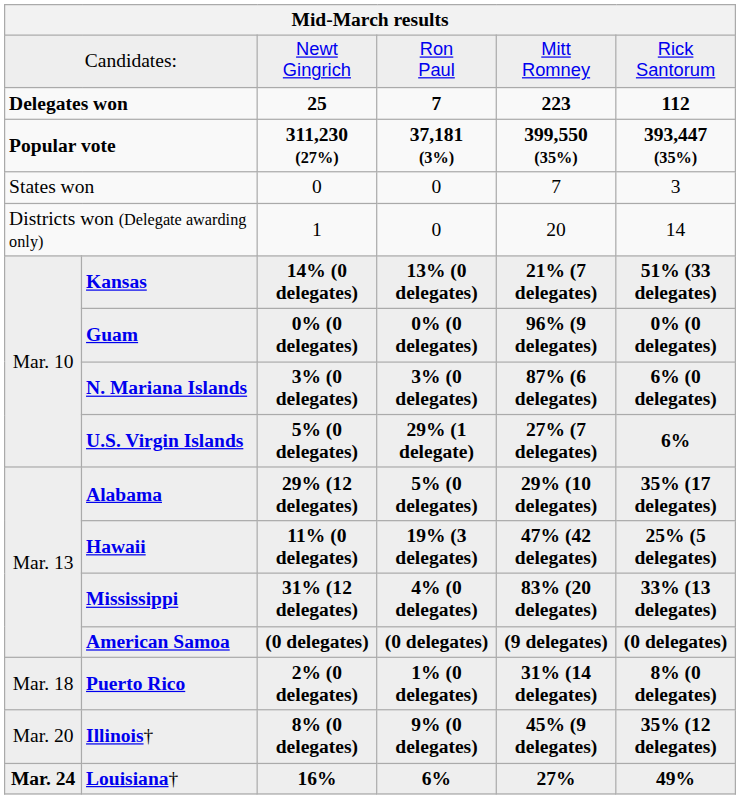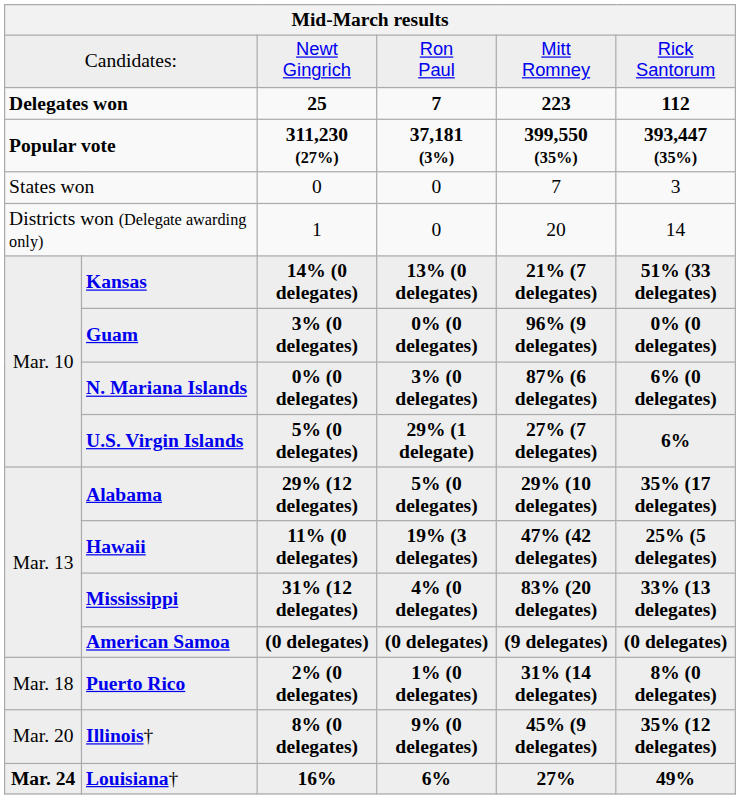 <table class="wikitable" style="text-align:center; width:600px">
 <tr style="text-align:center; background:#e9e9e9;">
 <th colspan="6"><strong>Mid-March results</strong></th>
 </tr>
 <tr style="background:#eee;">
 <td style="width:212px;" colspan="2">Candidates:</td>
 <td style="width:97px; padding:2px 0 6px; font:15px georgia,arial;"><a href='#'>Newt<br>Gingrich</a></td>
 <td style="width:97px; padding:2px 0 6px; font:15px georgia,arial;"><a href='#'>Ron<br>Paul</a></td>
 <td style="width:97px; padding:2px 0 6px; font:15px georgia,arial;"><a href='#'>Mitt<br>Romney</a></td>
 <td style="width:97px; padding:2px 0 6px; font:15px georgia,arial;"><a href='#'>Rick<br>Santorum</a></td>
 </tr>
 <tr>
 <td style="text-align:left;" colspan="2"><strong>Delegates won</strong></td>
 <td><strong>25</strong></td>
 <td><strong>7</strong></td>
 <td><strong>223</strong></td>
 <td><strong>112</strong></td>
 </tr>
 <tr>
 <td style="text-align:left;" colspan="2"><strong>Popular vote</strong></td>
 <td><strong>311,230<br><small>(27%)</small></strong></td>
 <td><strong>37,181<br><small>(3%)</small></strong></td>
 <td><strong>399,550<br><small>(35%)</small></strong></td>
 <td><strong>393,447<br><small>(35%)</small></strong></td>
 </tr>
 <tr>
 <td style="text-align:left;" colspan="2">States won</td>
 <td>0</td>
 <td>0</td>
 <td>7</td>
 <td>3</td>
 </tr>
 <tr>
 <td style="text-align:left;" colspan="2">Districts won <small>(Delegate awarding only)</small></td>
 <td>1</td>
 <td>0</td>
 <td>20</td>
 <td>14</td>
 </tr>
 <tr bgcolor="#eeeeee">
 <td rowspan="4">Mar. 10</td>
 <td style="text-align:left;"><strong><a href='#'>Kansas</a></strong></td>
 <td> <strong>14%</strong> <strong>(0 delegates)</strong></td>
 <td> <strong>13%</strong> <strong>(0 delegates)</strong></td>
 <td> <strong>21%</strong> <strong>(7 delegates)</strong></td>
 <td><strong>51%</strong> <strong>(33 delegates)</strong></td>
 </tr>
 <tr bgcolor="#eeeeee">
 <td style="text-align:left;"><strong><a href='#'>Guam</a></strong></td>
-<td> <strong>0%</strong> <strong>(0 delegates)</strong></td>
+<td> <strong>3%</strong> <strong>(0 delegates)</strong></td>
 <td> <strong>0%</strong> <strong>(0 delegates)</strong></td>
 <td><strong>96%</strong> <strong>(9 delegates)</strong></td>
 <td> <strong>0%</strong> <strong>(0 delegates)</strong></td>
 </tr>
 <tr bgcolor="#eeeeee">
 <td style="text-align:left;"><strong><a href='#'>N. Mariana Islands</a></strong></td>
-<td> <strong>3%</strong> <strong>(0 delegates)</strong></td>
+<td> <strong>0%</strong> <strong>(0 delegates)</strong></td>
 <td> <strong>3%</strong> <strong>(0 delegates)</strong></td>
 <td><strong>87%</strong> <strong>(6 delegates)</strong></td>
 <td> <strong>6%</strong> <strong>(0 delegates)</strong></td>
 </tr>
 <tr bgcolor="#eeeeee">
 <td style="text-align:left;"><strong><a href='#'>U.S. Virgin Islands</a></strong></td>
 <td> <strong>5%</strong> <strong>(0 delegates)</strong></td>
 <td><strong>29%</strong> <strong>(1 delegate)</strong></td>
 <td><strong>27%</strong> <strong>(7 delegates)</strong></td>
 <td> <strong>6%</strong></td>
 </tr>
 <tr bgcolor="#eeeeee">
 <td rowspan="4">Mar. 13</td>
 <td style="text-align:left;"><strong><a href='#'>Alabama</a></strong></td>
 <td> <strong>29%</strong> <strong>(12 delegates)</strong></td>
 <td> <strong>5%</strong> <strong>(0 delegates)</strong></td>
 <td> <strong>29%</strong> <strong>(10 delegates)</strong></td>
 <td><strong>35%</strong> <strong>(17 delegates)</strong></td>
 </tr>
 <tr bgcolor="#eeeeee">
 <td style="text-align:left;"><strong><a href='#'>Hawaii</a></strong></td>
 <td> <strong>11%</strong> <strong>(0 delegates)</strong></td>
 <td> <strong>19%</strong> <strong>(3 delegates)</strong></td>
 <td><strong>47%</strong> <strong>(42 delegates)</strong></td>
 <td> <strong>25%</strong> <strong>(5 delegates)</strong></td>
 </tr>
 <tr bgcolor="#eeeeee">
 <td style="text-align:left;"><strong><a href='#'>Mississippi</a></strong></td>
 <td> <strong>31%</strong> <strong>(12 delegates)</strong></td>
 <td> <strong>4%</strong> <strong>(0 delegates)</strong></td>
 <td><strong>83%</strong> <strong>(20 delegates)</strong></td>
 <td><strong>33%</strong> <strong>(13 delegates)</strong></td>
 </tr>
 <tr bgcolor="#eeeeee">
 <td style="text-align:left;"><strong><a href='#'>American Samoa</a></strong></td>
 <td> <strong>(0 delegates)</strong></td>
 <td> <strong>(0 delegates)</strong></td>
 <td><strong>(9 delegates)</strong></td>
 <td> <strong>(0 delegates)</strong></td>
 </tr>
 <tr bgcolor="#eeeeee">
 <td>Mar. 18</td>
 <td style="text-align:left;"><strong><a href='#'>Puerto Rico</a></strong></td>
 <td> <strong>2%</strong> <strong>(0 delegates)</strong></td>
 <td> <strong>1%</strong> <strong>(0 delegates)</strong></td>
 <td><strong>31%</strong> <strong>(14 delegates)</strong></td>
 <td> <strong>8%</strong> <strong>(0 delegates)</strong></td>
 </tr>
 <tr bgcolor="#eeeeee">
 <td>Mar. 20</td>
 <td style="text-align:left;"><strong><a href='#'>Illinois</a></strong>†</td>
 <td> <strong>8%</strong> <strong>(0 delegates)</strong></td>
 <td> <strong>9%</strong> <strong>(0 delegates)</strong></td>
 <td><strong>45%</strong> <strong>(9 delegates)</strong></td>
 <td> <strong>35%</strong> <strong>(12 delegates)</strong></td>
 </tr>
 <tr bgcolor="#eeeeee">
 <td><strong>Mar. 24</strong></td>
 <td style="text-align:left;"><strong><a href='#'>Louisiana</a></strong>†</td>
 <td> <strong>16%</strong></td>
 <td> <strong>6%</strong></td>
 <td> <strong>27%</strong></td>
 <td><strong>49%</strong></td>
 </tr>
 </table>
